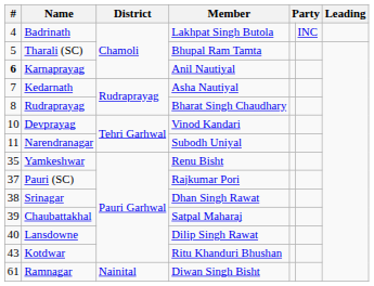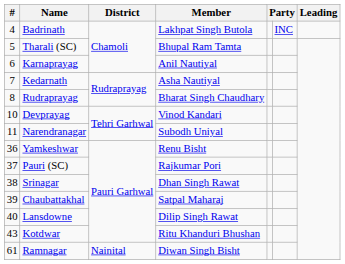 <table class="wikitable">
 <tr>
 <th>#</th>
 <th>Name</th>
 <th>District</th>
 <th>Member</th>
 <th colspan="2">Party</th>
 <th colspan="2">Leading<br></th>
 </tr>
 <tr>
 <td align="center">4</td>
 <td><a href='#'>Badrinath</a></td>
 <td rowspan="3"><a href='#'>Chamoli</a></td>
 <td><a href='#'>Lakhpat Singh Butola</a></td>
 <td style="background-color: "></td>
 <td><a href='#'>INC</a></td>
 <td></td>
 </tr>
 <tr>
 <td align="center">5</td>
 <td><a href='#'>Tharali</a> (SC)</td>
 <td><a href='#'>Bhupal Ram Tamta</a></td>
 <td></td>
 <td></td>
 </tr>
 <tr>
-<td align="center"><strong>6</strong></td>
+<td align="center">6</td>
 <td><a href='#'>Karnaprayag</a></td>
 <td><a href='#'>Anil Nautiyal</a></td>
 <td></td>
 <td></td>
 </tr>
 <tr>
 <td align="center">7</td>
 <td><a href='#'>Kedarnath</a></td>
 <td rowspan="2"><a href='#'>Rudraprayag</a></td>
 <td><a href='#'>Asha Nautiyal</a></td>
 <td></td>
 <td></td>
 </tr>
 <tr>
 <td align="center">8</td>
 <td><a href='#'>Rudraprayag</a></td>
 <td><a href='#'>Bharat Singh Chaudhary</a></td>
 <td></td>
 <td></td>
 </tr>
 <tr>
 <td align="center">10</td>
 <td><a href='#'>Devprayag</a></td>
 <td rowspan="2"><a href='#'>Tehri Garhwal</a></td>
 <td><a href='#'>Vinod Kandari</a></td>
 <td></td>
 <td></td>
 </tr>
 <tr>
 <td align="center">11</td>
 <td><a href='#'>Narendranagar</a></td>
 <td><a href='#'>Subodh Uniyal</a></td>
 <td></td>
 <td></td>
 </tr>
 <tr>
-<td align="center">35</td>
+<td align="center">36</td>
 <td><a href='#'>Yamkeshwar</a></td>
 <td rowspan="6"><a href='#'>Pauri Garhwal</a></td>
 <td><a href='#'>Renu Bisht</a></td>
 <td></td>
 <td></td>
 </tr>
 <tr>
 <td align="center">37</td>
 <td><a href='#'>Pauri</a> (SC)</td>
 <td><a href='#'>Rajkumar Pori</a></td>
 <td></td>
 <td></td>
 </tr>
 <tr>
 <td align="center">38</td>
 <td><a href='#'>Srinagar</a></td>
 <td><a href='#'>Dhan Singh Rawat</a></td>
 <td></td>
 <td></td>
 </tr>
 <tr>
 <td align="center">39</td>
 <td><a href='#'>Chaubattakhal</a></td>
 <td><a href='#'>Satpal Maharaj</a></td>
 <td></td>
 <td></td>
 </tr>
 <tr>
 <td align="center">40</td>
 <td><a href='#'>Lansdowne</a></td>
 <td><a href='#'>Dilip Singh Rawat</a></td>
 <td></td>
 <td></td>
 </tr>
 <tr>
 <td align="center">43</td>
 <td><a href='#'>Kotdwar</a></td>
 <td><a href='#'>Ritu Khanduri Bhushan</a></td>
 <td></td>
 <td></td>
 </tr>
 <tr>
 <td align="center">61</td>
 <td><a href='#'>Ramnagar</a></td>
 <td><a href='#'>Nainital</a></td>
 <td><a href='#'>Diwan Singh Bisht</a></td>
 <td></td>
 <td></td>
 </tr>
 </table>
